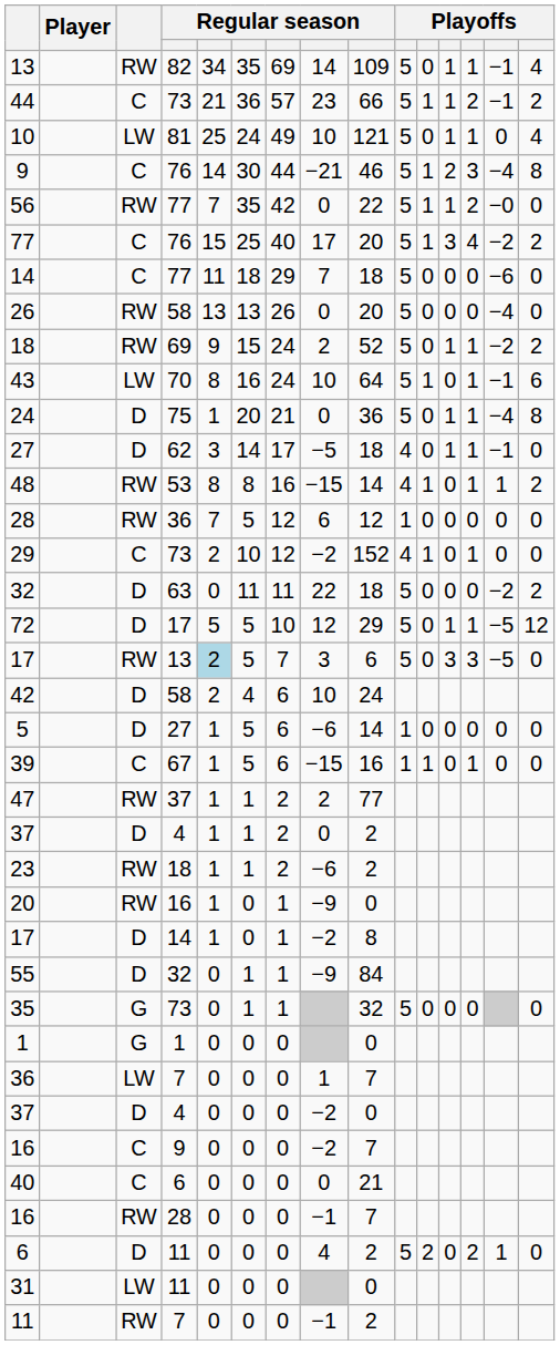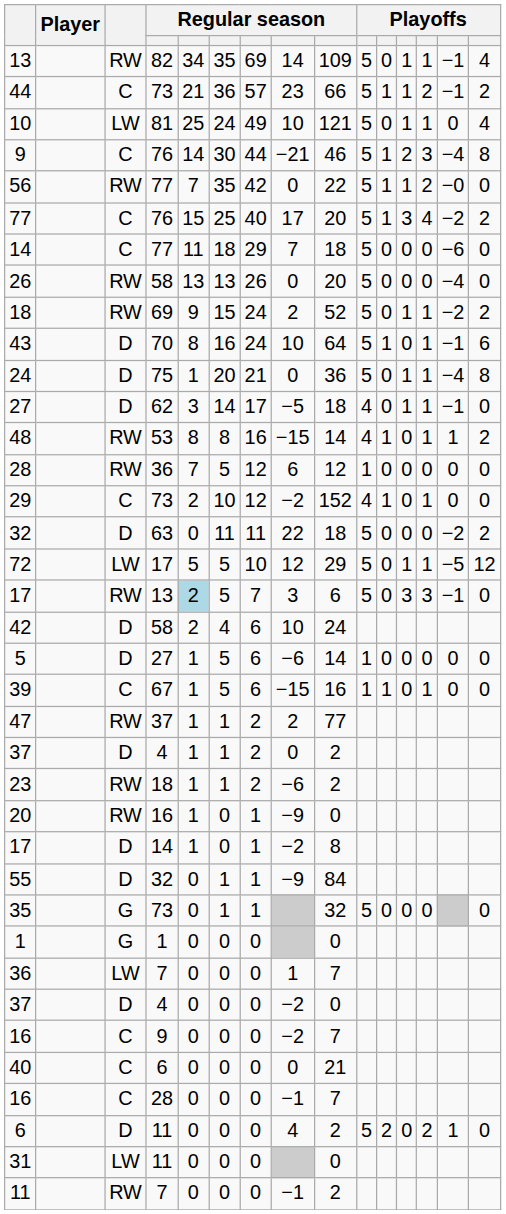 <table class="wikitable sortable plainrowheaders" style="text-align:center;">
 <tr>
 <th scope="col" data-sort-type="number" rowspan="2"></th>
 <th scope="col" rowspan="2">Player</th>
 <th scope="col" rowspan="2"></th>
 <th scope=colgroup colspan=6>Regular season</th>
 <th scope=colgroup colspan=6>Playoffs</th>
 </tr>
 <tr>
 <th scope="col" data-sort-type="number"></th>
 <th scope="col" data-sort-type="number"></th>
 <th scope="col" data-sort-type="number"></th>
 <th scope="col" data-sort-type="number"></th>
 <th scope="col" data-sort-type="number"></th>
 <th scope="col" data-sort-type="number"></th>
 <th scope="col" data-sort-type="number"></th>
 <th scope="col" data-sort-type="number"></th>
 <th scope="col" data-sort-type="number"></th>
 <th scope="col" data-sort-type="number"></th>
 <th scope="col" data-sort-type="number"></th>
 <th scope="col" data-sort-type="number"></th>
 </tr>
 <tr>
 <td scope="row">13</td>
 <td align="left"></td>
 <td>RW</td>
 <td>82</td>
 <td>34</td>
 <td>35</td>
 <td>69</td>
 <td>14</td>
 <td>109</td>
 <td>5</td>
 <td>0</td>
 <td>1</td>
 <td>1</td>
 <td>−1</td>
 <td>4</td>
 </tr>
 <tr>
 <td scope="row">44</td>
 <td align="left"></td>
 <td>C</td>
 <td>73</td>
 <td>21</td>
 <td>36</td>
 <td>57</td>
 <td>23</td>
 <td>66</td>
 <td>5</td>
 <td>1</td>
 <td>1</td>
 <td>2</td>
 <td>−1</td>
 <td>2</td>
 </tr>
 <tr>
 <td scope="row">10</td>
 <td align="left"></td>
 <td>LW</td>
 <td>81</td>
 <td>25</td>
 <td>24</td>
 <td>49</td>
 <td>10</td>
 <td>121</td>
 <td>5</td>
 <td>0</td>
 <td>1</td>
 <td>1</td>
 <td>0</td>
 <td>4</td>
 </tr>
 <tr>
 <td scope="row">9</td>
 <td align="left"></td>
 <td>C</td>
 <td>76</td>
 <td>14</td>
 <td>30</td>
 <td>44</td>
 <td>−21</td>
 <td>46</td>
 <td>5</td>
 <td>1</td>
 <td>2</td>
 <td>3</td>
 <td>−4</td>
 <td>8</td>
 </tr>
 <tr>
 <td scope="row">56</td>
 <td align="left"></td>
 <td>RW</td>
 <td>77</td>
 <td>7</td>
 <td>35</td>
 <td>42</td>
 <td>0</td>
 <td>22</td>
 <td>5</td>
 <td>1</td>
 <td>1</td>
 <td>2</td>
 <td>−0</td>
 <td>0</td>
 </tr>
 <tr>
 <td scope="row">77</td>
 <td align="left"></td>
 <td>C</td>
 <td>76</td>
 <td>15</td>
 <td>25</td>
 <td>40</td>
 <td>17</td>
 <td>20</td>
 <td>5</td>
 <td>1</td>
 <td>3</td>
 <td>4</td>
 <td>−2</td>
 <td>2</td>
 </tr>
 <tr>
 <td scope="row">14</td>
 <td align="left"></td>
 <td>C</td>
 <td>77</td>
 <td>11</td>
 <td>18</td>
 <td>29</td>
 <td>7</td>
 <td>18</td>
 <td>5</td>
 <td>0</td>
 <td>0</td>
 <td>0</td>
 <td>−6</td>
 <td>0</td>
 </tr>
 <tr>
 <td scope="row">26</td>
 <td align="left"></td>
 <td>RW</td>
 <td>58</td>
 <td>13</td>
 <td>13</td>
 <td>26</td>
 <td>0</td>
 <td>20</td>
 <td>5</td>
 <td>0</td>
 <td>0</td>
 <td>0</td>
 <td>−4</td>
 <td>0</td>
 </tr>
 <tr>
 <td scope="row">18</td>
 <td align="left"></td>
 <td>RW</td>
 <td>69</td>
 <td>9</td>
 <td>15</td>
 <td>24</td>
 <td>2</td>
 <td>52</td>
 <td>5</td>
 <td>0</td>
 <td>1</td>
 <td>1</td>
 <td>−2</td>
 <td>2</td>
 </tr>
 <tr>
 <td scope="row">43</td>
 <td align="left"></td>
-<td>LW</td>
+<td>D</td>
 <td>70</td>
 <td>8</td>
 <td>16</td>
 <td>24</td>
 <td>10</td>
 <td>64</td>
 <td>5</td>
 <td>1</td>
 <td>0</td>
 <td>1</td>
 <td>−1</td>
 <td>6</td>
 </tr>
 <tr>
 <td scope="row">24</td>
 <td align="left"></td>
 <td>D</td>
 <td>75</td>
 <td>1</td>
 <td>20</td>
 <td>21</td>
 <td>0</td>
 <td>36</td>
 <td>5</td>
 <td>0</td>
 <td>1</td>
 <td>1</td>
 <td>−4</td>
 <td>8</td>
 </tr>
 <tr>
 <td scope="row">27</td>
 <td align="left"></td>
 <td>D</td>
 <td>62</td>
 <td>3</td>
 <td>14</td>
 <td>17</td>
 <td>−5</td>
 <td>18</td>
 <td>4</td>
 <td>0</td>
 <td>1</td>
 <td>1</td>
 <td>−1</td>
 <td>0</td>
 </tr>
 <tr>
 <td scope="row">48</td>
 <td align="left"></td>
 <td>RW</td>
 <td>53</td>
 <td>8</td>
 <td>8</td>
 <td>16</td>
 <td>−15</td>
 <td>14</td>
 <td>4</td>
 <td>1</td>
 <td>0</td>
 <td>1</td>
 <td>1</td>
 <td>2</td>
 </tr>
 <tr>
 <td scope="row">28</td>
 <td align="left"></td>
 <td>RW</td>
 <td>36</td>
 <td>7</td>
 <td>5</td>
 <td>12</td>
 <td>6</td>
 <td>12</td>
 <td>1</td>
 <td>0</td>
 <td>0</td>
 <td>0</td>
 <td>0</td>
 <td>0</td>
 </tr>
 <tr>
 <td scope="row">29</td>
 <td align="left"></td>
 <td>C</td>
 <td>73</td>
 <td>2</td>
 <td>10</td>
 <td>12</td>
 <td>−2</td>
 <td>152</td>
 <td>4</td>
 <td>1</td>
 <td>0</td>
 <td>1</td>
 <td>0</td>
 <td>0</td>
 </tr>
 <tr>
 <td scope="row">32</td>
 <td align="left"></td>
 <td>D</td>
 <td>63</td>
 <td>0</td>
 <td>11</td>
 <td>11</td>
 <td>22</td>
 <td>18</td>
 <td>5</td>
 <td>0</td>
 <td>0</td>
 <td>0</td>
 <td>−2</td>
 <td>2</td>
 </tr>
 <tr>
 <td scope="row">72</td>
 <td align="left"></td>
-<td>D</td>
+<td>LW</td>
 <td>17</td>
 <td>5</td>
 <td>5</td>
 <td>10</td>
 <td>12</td>
 <td>29</td>
 <td>5</td>
 <td>0</td>
 <td>1</td>
 <td>1</td>
 <td>−5</td>
 <td>12</td>
 </tr>
 <tr>
 <td scope="row">17</td>
 <td align="left"></td>
 <td>RW</td>
 <td>13</td>
 <td style="background: lightblue;">2</td>
 <td>5</td>
 <td>7</td>
 <td>3</td>
 <td>6</td>
 <td>5</td>
 <td>0</td>
 <td>3</td>
 <td>3</td>
-<td>−5</td>
+<td>−1</td>
 <td>0</td>
 </tr>
 <tr>
 <td scope="row">42</td>
 <td align="left"></td>
 <td>D</td>
 <td>58</td>
 <td>2</td>
 <td>4</td>
 <td>6</td>
 <td>10</td>
 <td>24</td>
 <td></td>
 <td></td>
 <td></td>
 <td></td>
 <td></td>
 <td></td>
 </tr>
 <tr>
 <td scope="row">5</td>
 <td align="left"></td>
 <td>D</td>
 <td>27</td>
 <td>1</td>
 <td>5</td>
 <td>6</td>
 <td>−6</td>
 <td>14</td>
 <td>1</td>
 <td>0</td>
 <td>0</td>
 <td>0</td>
 <td>0</td>
 <td>0</td>
 </tr>
 <tr>
 <td scope="row">39</td>
 <td align="left"></td>
 <td>C</td>
 <td>67</td>
 <td>1</td>
 <td>5</td>
 <td>6</td>
 <td>−15</td>
 <td>16</td>
 <td>1</td>
 <td>1</td>
 <td>0</td>
 <td>1</td>
 <td>0</td>
 <td>0</td>
 </tr>
 <tr>
 <td scope="row">47</td>
 <td align="left"></td>
 <td>RW</td>
 <td>37</td>
 <td>1</td>
 <td>1</td>
 <td>2</td>
 <td>2</td>
 <td>77</td>
 <td></td>
 <td></td>
 <td></td>
 <td></td>
 <td></td>
 <td></td>
 </tr>
 <tr>
 <td scope="row">37</td>
 <td align="left"></td>
 <td>D</td>
 <td>4</td>
 <td>1</td>
 <td>1</td>
 <td>2</td>
 <td>0</td>
 <td>2</td>
 <td></td>
 <td></td>
 <td></td>
 <td></td>
 <td></td>
 <td></td>
 </tr>
 <tr>
 <td scope="row">23</td>
 <td align="left"></td>
 <td>RW</td>
 <td>18</td>
 <td>1</td>
 <td>1</td>
 <td>2</td>
 <td>−6</td>
 <td>2</td>
 <td></td>
 <td></td>
 <td></td>
 <td></td>
 <td></td>
 <td></td>
 </tr>
 <tr>
 <td scope="row">20</td>
 <td align="left"></td>
 <td>RW</td>
 <td>16</td>
 <td>1</td>
 <td>0</td>
 <td>1</td>
 <td>−9</td>
 <td>0</td>
 <td></td>
 <td></td>
 <td></td>
 <td></td>
 <td></td>
 <td></td>
 </tr>
 <tr>
 <td scope="row">17</td>
 <td align="left"></td>
 <td>D</td>
 <td>14</td>
 <td>1</td>
 <td>0</td>
 <td>1</td>
 <td>−2</td>
 <td>8</td>
 <td></td>
 <td></td>
 <td></td>
 <td></td>
 <td></td>
 <td></td>
 </tr>
 <tr>
 <td scope="row">55</td>
 <td align="left"></td>
 <td>D</td>
 <td>32</td>
 <td>0</td>
 <td>1</td>
 <td>1</td>
 <td>−9</td>
 <td>84</td>
 <td></td>
 <td></td>
 <td></td>
 <td></td>
 <td></td>
 <td></td>
 </tr>
 <tr>
 <td scope="row">35</td>
 <td align="left"></td>
 <td>G</td>
 <td>73</td>
 <td>0</td>
 <td>1</td>
 <td>1</td>
 <td style="background:#ccc"></td>
 <td>32</td>
 <td>5</td>
 <td>0</td>
 <td>0</td>
 <td>0</td>
 <td style="background:#ccc"></td>
 <td>0</td>
 </tr>
 <tr>
 <td scope="row">1</td>
 <td align="left"></td>
 <td>G</td>
 <td>1</td>
 <td>0</td>
 <td>0</td>
 <td>0</td>
 <td style="background:#ccc"></td>
 <td>0</td>
 <td></td>
 <td></td>
 <td></td>
 <td></td>
 <td></td>
 <td></td>
 </tr>
 <tr>
 <td scope="row">36</td>
 <td align="left"></td>
 <td>LW</td>
 <td>7</td>
 <td>0</td>
 <td>0</td>
 <td>0</td>
 <td>1</td>
 <td>7</td>
 <td></td>
 <td></td>
 <td></td>
 <td></td>
 <td></td>
 <td></td>
 </tr>
 <tr>
 <td scope="row">37</td>
 <td align="left"></td>
 <td>D</td>
 <td>4</td>
 <td>0</td>
 <td>0</td>
 <td>0</td>
 <td>−2</td>
 <td>0</td>
 <td></td>
 <td></td>
 <td></td>
 <td></td>
 <td></td>
 <td></td>
 </tr>
 <tr>
 <td scope="row">16</td>
 <td align="left"></td>
 <td>C</td>
 <td>9</td>
 <td>0</td>
 <td>0</td>
 <td>0</td>
 <td>−2</td>
 <td>7</td>
 <td></td>
 <td></td>
 <td></td>
 <td></td>
 <td></td>
 <td></td>
 </tr>
 <tr>
 <td scope="row">40</td>
 <td align="left"></td>
 <td>C</td>
 <td>6</td>
 <td>0</td>
 <td>0</td>
 <td>0</td>
 <td>0</td>
 <td>21</td>
 <td></td>
 <td></td>
 <td></td>
 <td></td>
 <td></td>
 <td></td>
 </tr>
 <tr>
 <td scope="row">16</td>
 <td align="left"></td>
-<td>RW</td>
+<td>C</td>
 <td>28</td>
 <td>0</td>
 <td>0</td>
 <td>0</td>
 <td>−1</td>
 <td>7</td>
 <td></td>
 <td></td>
 <td></td>
 <td></td>
 <td></td>
 <td></td>
 </tr>
 <tr>
 <td scope="row">6</td>
 <td align="left"></td>
 <td>D</td>
 <td>11</td>
 <td>0</td>
 <td>0</td>
 <td>0</td>
 <td>4</td>
 <td>2</td>
 <td>5</td>
 <td>2</td>
 <td>0</td>
 <td>2</td>
 <td>1</td>
 <td>0</td>
 </tr>
 <tr>
 <td scope="row">31</td>
 <td align="left"></td>
 <td>LW</td>
 <td>11</td>
 <td>0</td>
 <td>0</td>
 <td>0</td>
 <td style="background:#ccc"></td>
 <td>0</td>
 <td></td>
 <td></td>
 <td></td>
 <td></td>
 <td></td>
 <td></td>
 </tr>
 <tr>
 <td scope="row">11</td>
 <td align="left"></td>
 <td>RW</td>
 <td>7</td>
 <td>0</td>
 <td>0</td>
 <td>0</td>
 <td>−1</td>
 <td>2</td>
 <td></td>
 <td></td>
 <td></td>
 <td></td>
 <td></td>
 <td></td>
 </tr>
 </table>
